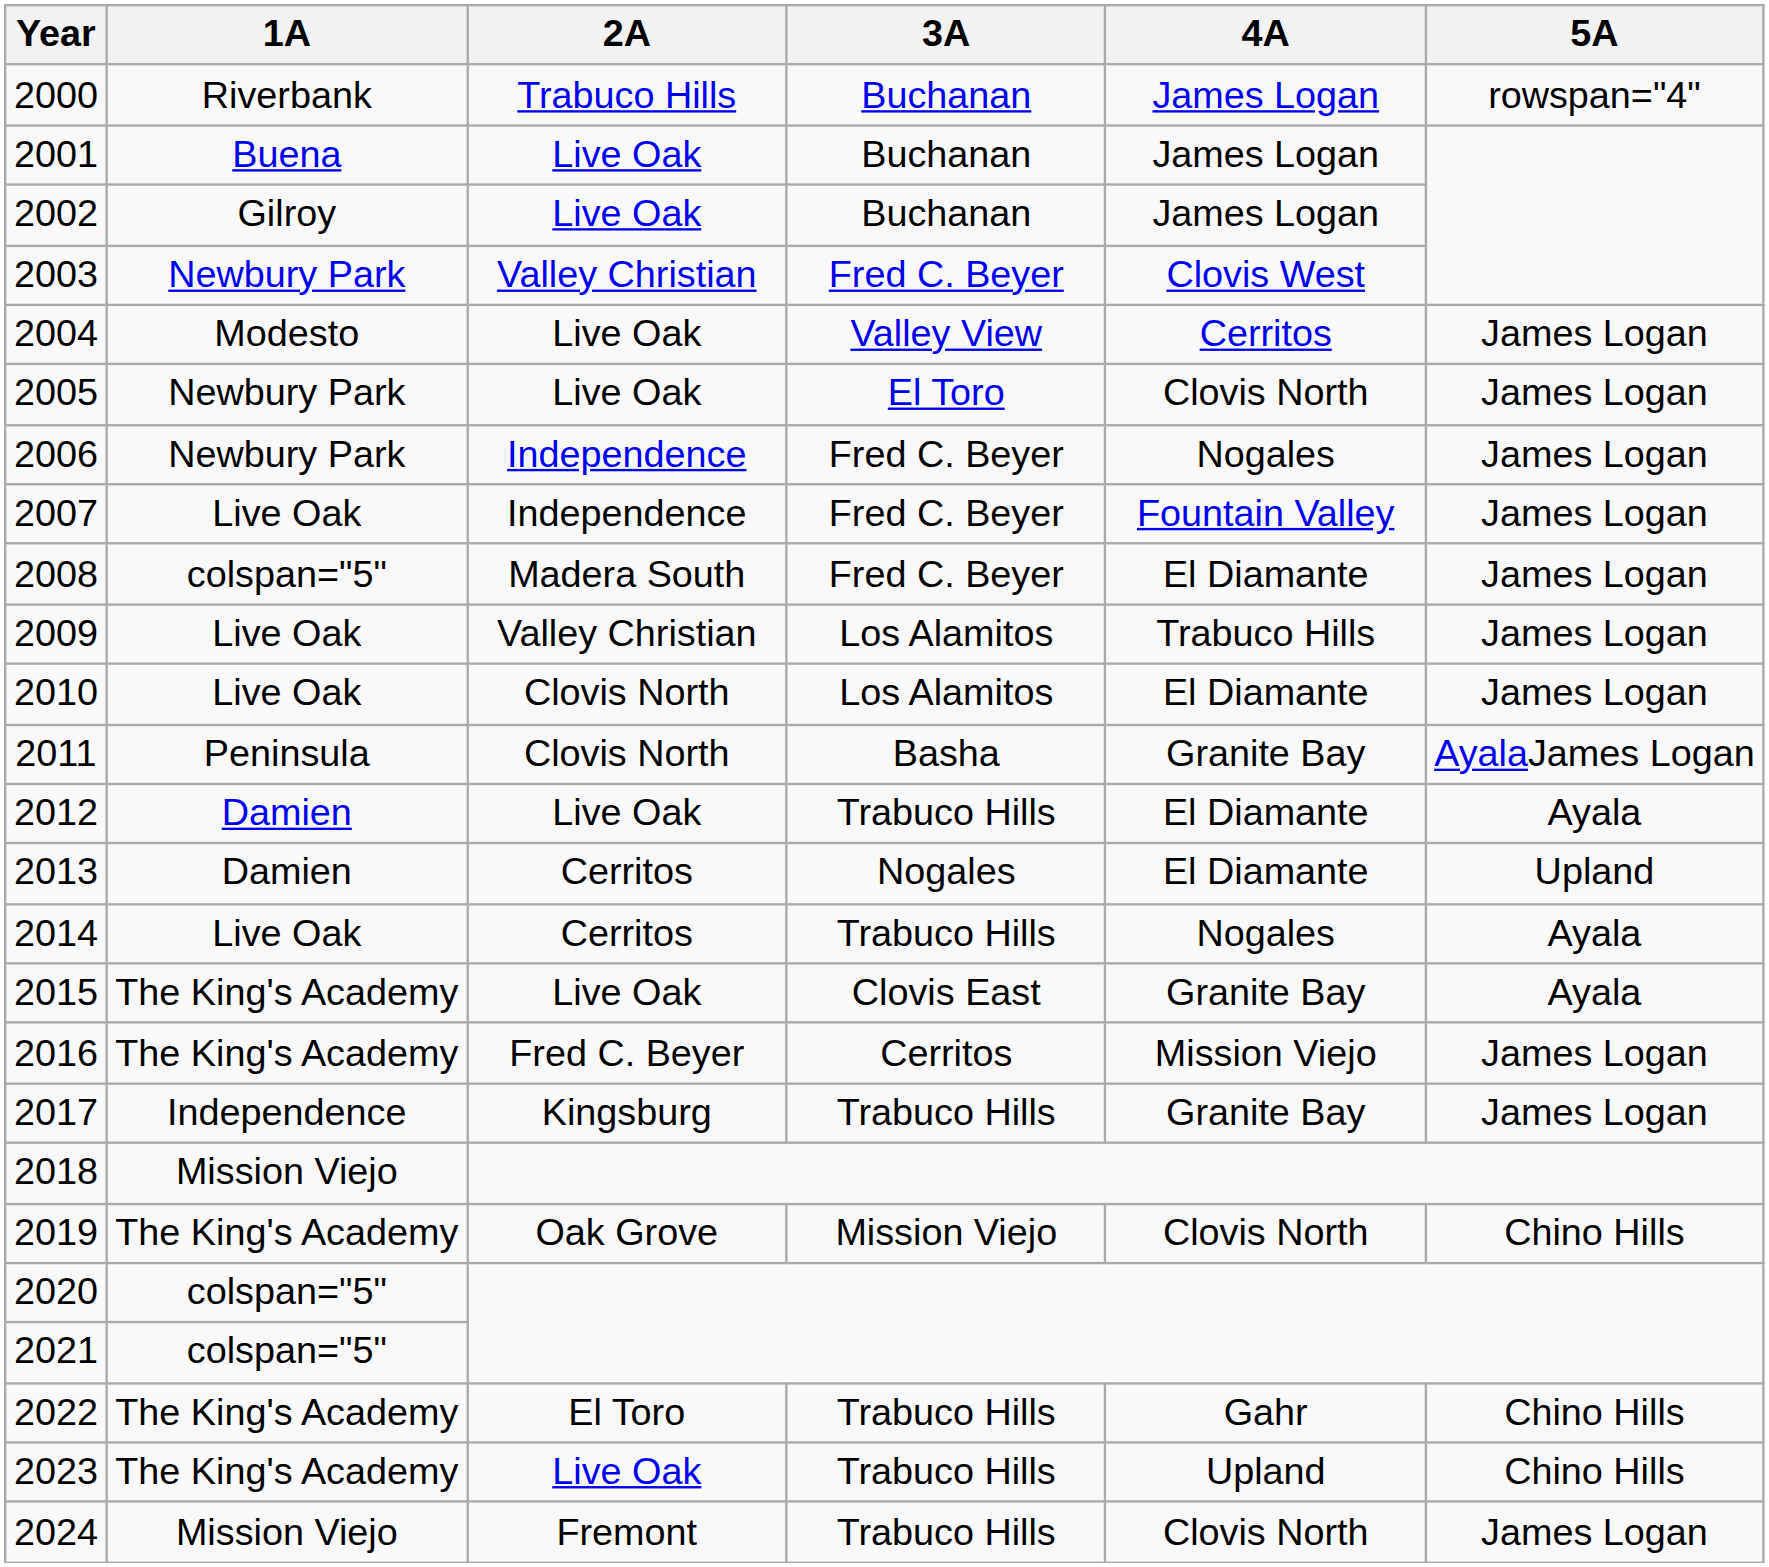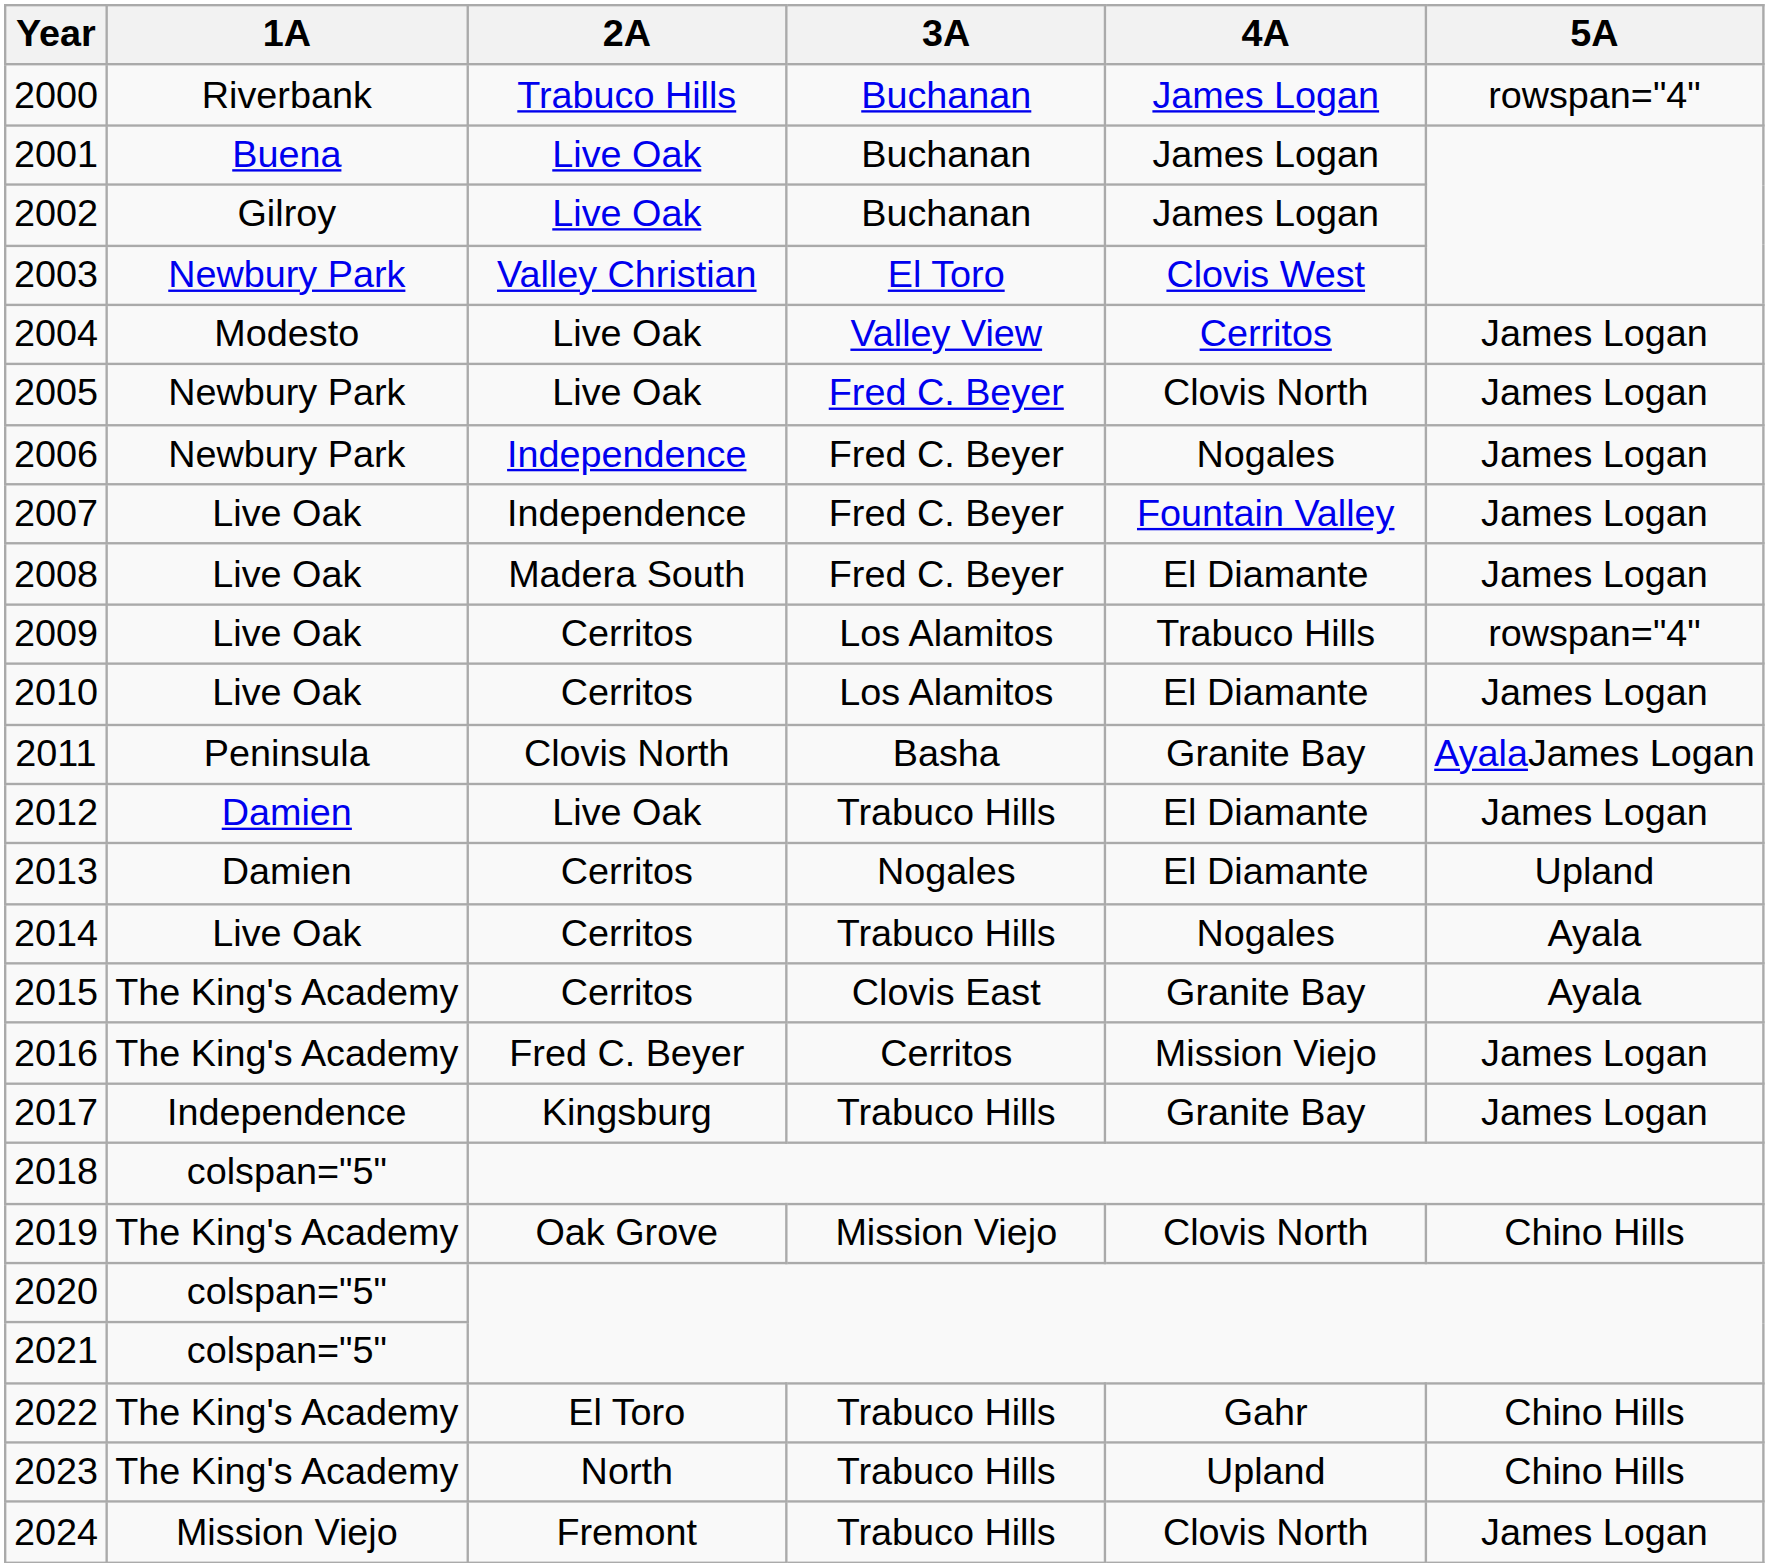 <table class="wikitable" style="text-align: center;">
 <tr>
 <th>Year</th>
 <th style="min-width: 8em;">1A</th>
 <th style="min-width: 8em;">2A</th>
 <th style="min-width: 8em;">3A</th>
 <th style="min-width: 8em;">4A</th>
 <th style="min-width: 8em;">5A</th>
 </tr>
 <tr>
 <td>2000</td>
 <td>Riverbank</td>
 <td><a href='#'>Trabuco Hills</a></td>
 <td><a href='#'>Buchanan</a></td>
 <td><a href='#'>James Logan</a></td>
 <td>rowspan="4" </td>
 </tr>
 <tr>
 <td>2001</td>
 <td><a href='#'>Buena</a></td>
 <td><a href='#'>Live Oak</a></td>
 <td>Buchanan</td>
 <td>James Logan</td>
 </tr>
 <tr>
 <td>2002</td>
 <td>Gilroy</td>
 <td><a href='#'>Live Oak</a></td>
 <td>Buchanan</td>
 <td>James Logan</td>
 </tr>
 <tr>
 <td>2003</td>
 <td><a href='#'>Newbury Park</a></td>
 <td><a href='#'>Valley Christian</a></td>
-<td><a href='#'>Fred C. Beyer</a></td>
+<td><a href='#'>El Toro</a></td>
 <td><a href='#'>Clovis West</a></td>
 </tr>
 <tr>
 <td>2004</td>
 <td>Modesto</td>
 <td>Live Oak</td>
 <td><a href='#'>Valley View</a></td>
 <td><a href='#'>Cerritos</a></td>
 <td>James Logan</td>
 </tr>
 <tr>
 <td>2005</td>
 <td>Newbury Park</td>
 <td>Live Oak</td>
-<td><a href='#'>El Toro</a></td>
+<td><a href='#'>Fred C. Beyer</a></td>
 <td>Clovis North</td>
 <td>James Logan</td>
 </tr>
 <tr>
 <td>2006</td>
 <td>Newbury Park</td>
 <td><a href='#'>Independence</a></td>
 <td>Fred C. Beyer</td>
 <td>Nogales</td>
 <td>James Logan</td>
 </tr>
 <tr>
 <td>2007</td>
 <td>Live Oak</td>
 <td>Independence</td>
 <td>Fred C. Beyer</td>
 <td><a href='#'>Fountain Valley</a></td>
 <td>James Logan</td>
 </tr>
 <tr>
 <td>2008</td>
-<td>colspan="5" </td>
+<td>Live Oak</td>
 <td>Madera South</td>
 <td>Fred C. Beyer</td>
 <td>El Diamante</td>
 <td>James Logan</td>
 </tr>
 <tr>
 <td>2009</td>
 <td>Live Oak</td>
-<td>Valley Christian</td>
+<td>Cerritos</td>
 <td>Los Alamitos</td>
 <td>Trabuco Hills</td>
-<td>James Logan</td>
+<td>rowspan="4" </td>
 </tr>
 <tr>
 <td>2010</td>
 <td>Live Oak</td>
-<td>Clovis North</td>
+<td>Cerritos</td>
 <td>Los Alamitos</td>
 <td>El Diamante</td>
 <td>James Logan</td>
 </tr>
 <tr>
 <td>2011</td>
 <td>Peninsula</td>
 <td>Clovis North</td>
 <td>Basha</td>
 <td>Granite Bay</td>
 <td><a href='#'>Ayala</a><em></em>James Logan</td>
 </tr>
 <tr>
 <td>2012</td>
 <td><a href='#'>Damien</a></td>
 <td>Live Oak</td>
 <td>Trabuco Hills</td>
 <td>El Diamante</td>
-<td>Ayala</td>
+<td>James Logan</td>
 </tr>
 <tr>
 <td>2013</td>
 <td>Damien</td>
 <td>Cerritos</td>
 <td>Nogales</td>
 <td>El Diamante</td>
 <td>Upland</td>
 </tr>
 <tr>
 <td>2014</td>
 <td>Live Oak</td>
 <td>Cerritos</td>
 <td>Trabuco Hills</td>
 <td>Nogales</td>
 <td>Ayala</td>
 </tr>
 <tr>
 <td>2015</td>
 <td>The King's Academy</td>
-<td>Live Oak</td>
+<td>Cerritos</td>
 <td>Clovis East</td>
 <td>Granite Bay</td>
 <td>Ayala</td>
 </tr>
 <tr>
 <td>2016</td>
 <td>The King's Academy</td>
 <td>Fred C. Beyer</td>
 <td>Cerritos</td>
 <td>Mission Viejo</td>
 <td>James Logan</td>
 </tr>
 <tr>
 <td>2017</td>
 <td>Independence</td>
 <td>Kingsburg</td>
 <td>Trabuco Hills</td>
 <td>Granite Bay</td>
 <td>James Logan</td>
 </tr>
 <tr>
 <td>2018</td>
-<td>Mission Viejo</td>
+<td>colspan="5" </td>
 </tr>
 <tr>
 <td>2019</td>
 <td>The King's Academy</td>
 <td>Oak Grove</td>
 <td>Mission Viejo</td>
 <td>Clovis North</td>
 <td>Chino Hills</td>
 </tr>
 <tr>
 <td>2020</td>
 <td>colspan="5" </td>
 </tr>
 <tr>
 <td>2021</td>
 <td>colspan="5" </td>
 </tr>
 <tr>
 <td>2022</td>
 <td>The King's Academy</td>
 <td>El Toro</td>
 <td>Trabuco Hills</td>
 <td>Gahr</td>
 <td>Chino Hills</td>
 </tr>
 <tr>
 <td>2023</td>
 <td>The King's Academy</td>
-<td><a href='#'>Live Oak</a></td>
+<td>North</td>
 <td>Trabuco Hills</td>
 <td>Upland</td>
 <td>Chino Hills</td>
 </tr>
 <tr>
 <td>2024</td>
 <td>Mission Viejo</td>
 <td>Fremont</td>
 <td>Trabuco Hills</td>
 <td>Clovis North</td>
 <td>James Logan</td>
 </tr>
 </table>
